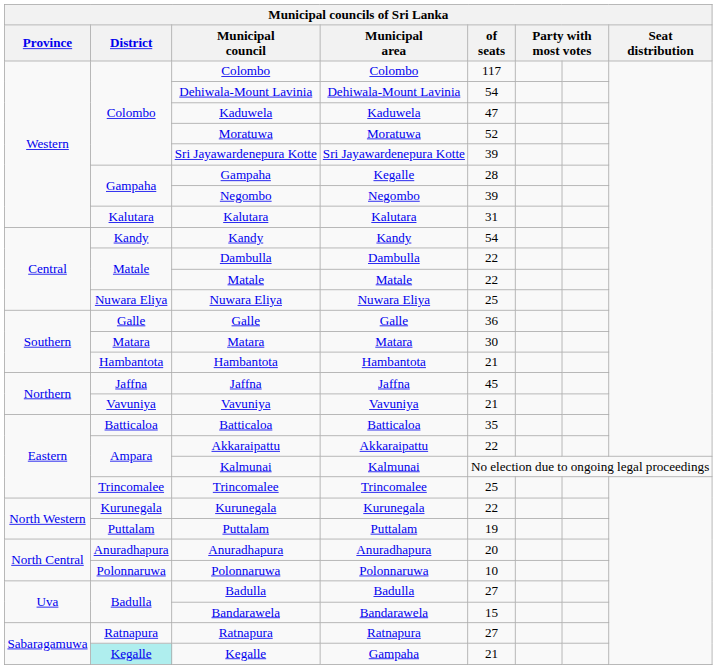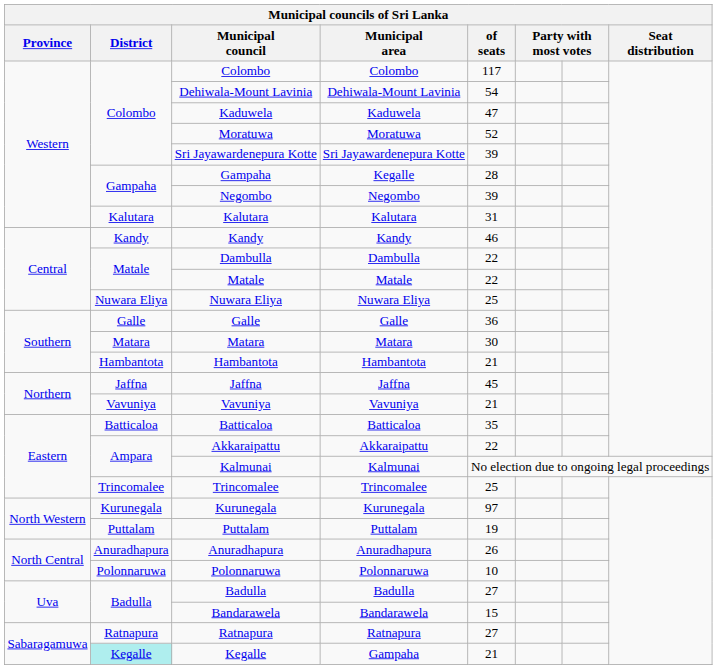 <table class="wikitable sortable sticky-header-multi mw-collapsible mw-collapsed" style="font-size:100%; text-align:center">
 <tr>
 <th colspan=8>Municipal councils of Sri Lanka</th>
 </tr>
 <tr>
 <th><a href='#'>Province</a></th>
 <th><a href='#'>District</a></th>
 <th>Municipal<br>council</th>
 <th>Municipal<br>area</th>
 <th> of<br>seats</th>
 <th colspan=2>Party with<br>most votes</th>
 <th class="unsortable">Seat<br>distribution</th>
 </tr>
 <tr>
 <td rowspan=8><a href='#'>Western</a></td>
 <td rowspan=5><a href='#'>Colombo</a></td>
 <td><a href='#'>Colombo</a></td>
 <td><a href='#'>Colombo</a></td>
 <td>117</td>
 <td></td>
 <td></td>
 </tr>
 <tr>
 <td><a href='#'>Dehiwala-Mount Lavinia</a></td>
 <td><a href='#'>Dehiwala-Mount Lavinia</a></td>
 <td>54</td>
 <td></td>
 <td></td>
 </tr>
 <tr>
 <td><a href='#'>Kaduwela</a></td>
 <td><a href='#'>Kaduwela</a></td>
 <td>47</td>
 <td></td>
 <td></td>
 </tr>
 <tr>
 <td><a href='#'>Moratuwa</a></td>
 <td><a href='#'>Moratuwa</a></td>
 <td>52</td>
 <td></td>
 <td></td>
 </tr>
 <tr>
 <td><a href='#'>Sri Jayawardenepura Kotte</a></td>
 <td><a href='#'>Sri Jayawardenepura Kotte</a></td>
 <td>39</td>
 <td></td>
 <td></td>
 </tr>
 <tr>
 <td rowspan=2><a href='#'>Gampaha</a></td>
 <td><a href='#'>Gampaha</a></td>
 <td><a href='#'>Kegalle</a></td>
 <td>28</td>
 <td></td>
 <td></td>
 </tr>
 <tr>
 <td><a href='#'>Negombo</a></td>
 <td><a href='#'>Negombo</a></td>
 <td>39</td>
 <td></td>
 <td></td>
 </tr>
 <tr>
 <td><a href='#'>Kalutara</a></td>
 <td><a href='#'>Kalutara</a></td>
 <td><a href='#'>Kalutara</a></td>
 <td>31</td>
 <td></td>
 <td></td>
 </tr>
 <tr>
 <td rowspan=4><a href='#'>Central</a></td>
 <td><a href='#'>Kandy</a></td>
 <td><a href='#'>Kandy</a></td>
 <td><a href='#'>Kandy</a></td>
-<td>54</td>
+<td>46</td>
 <td></td>
 <td></td>
 </tr>
 <tr>
 <td rowspan=2><a href='#'>Matale</a></td>
 <td><a href='#'>Dambulla</a></td>
 <td><a href='#'>Dambulla</a></td>
 <td>22</td>
 <td></td>
 <td></td>
 </tr>
 <tr>
 <td><a href='#'>Matale</a></td>
 <td><a href='#'>Matale</a></td>
 <td>22</td>
 <td></td>
 <td></td>
 </tr>
 <tr>
 <td><a href='#'>Nuwara Eliya</a></td>
 <td><a href='#'>Nuwara Eliya</a></td>
 <td><a href='#'>Nuwara Eliya</a></td>
 <td>25</td>
 <td></td>
 <td></td>
 </tr>
 <tr>
 <td rowspan=3><a href='#'>Southern</a></td>
 <td><a href='#'>Galle</a></td>
 <td><a href='#'>Galle</a></td>
 <td><a href='#'>Galle</a></td>
 <td>36</td>
 <td></td>
 <td></td>
 </tr>
 <tr>
 <td><a href='#'>Matara</a></td>
 <td><a href='#'>Matara</a></td>
 <td><a href='#'>Matara</a></td>
 <td>30</td>
 <td></td>
 <td></td>
 </tr>
 <tr>
 <td><a href='#'>Hambantota</a></td>
 <td><a href='#'>Hambantota</a></td>
 <td><a href='#'>Hambantota</a></td>
 <td>21</td>
 <td></td>
 <td></td>
 </tr>
 <tr>
 <td rowspan=2><a href='#'>Northern</a></td>
 <td><a href='#'>Jaffna</a></td>
 <td><a href='#'>Jaffna</a></td>
 <td><a href='#'>Jaffna</a></td>
 <td>45</td>
 <td></td>
 <td></td>
 </tr>
 <tr>
 <td><a href='#'>Vavuniya</a></td>
 <td><a href='#'>Vavuniya</a></td>
 <td><a href='#'>Vavuniya</a></td>
 <td>21</td>
 <td></td>
 <td></td>
 </tr>
 <tr>
 <td rowspan=4><a href='#'>Eastern</a></td>
 <td><a href='#'>Batticaloa</a></td>
 <td><a href='#'>Batticaloa</a></td>
 <td><a href='#'>Batticaloa</a></td>
 <td>35</td>
 <td></td>
 <td></td>
 </tr>
 <tr>
 <td rowspan=2><a href='#'>Ampara</a></td>
 <td><a href='#'>Akkaraipattu</a></td>
 <td><a href='#'>Akkaraipattu</a></td>
 <td>22</td>
 <td></td>
 <td></td>
 </tr>
 <tr>
 <td><a href='#'>Kalmunai</a></td>
 <td><a href='#'>Kalmunai</a></td>
 <td colspan=4>No election due to ongoing legal proceedings</td>
 </tr>
 <tr>
 <td><a href='#'>Trincomalee</a></td>
 <td><a href='#'>Trincomalee</a></td>
 <td><a href='#'>Trincomalee</a></td>
 <td>25</td>
 <td></td>
 <td></td>
 </tr>
 <tr>
 <td rowspan=2><a href='#'>North Western</a></td>
 <td><a href='#'>Kurunegala</a></td>
 <td><a href='#'>Kurunegala</a></td>
 <td><a href='#'>Kurunegala</a></td>
-<td>22</td>
+<td>97</td>
 <td></td>
 <td></td>
 </tr>
 <tr>
 <td><a href='#'>Puttalam</a></td>
 <td><a href='#'>Puttalam</a></td>
 <td><a href='#'>Puttalam</a></td>
 <td>19</td>
 <td></td>
 <td></td>
 </tr>
 <tr>
 <td rowspan=2><a href='#'>North Central</a></td>
 <td><a href='#'>Anuradhapura</a></td>
 <td><a href='#'>Anuradhapura</a></td>
 <td><a href='#'>Anuradhapura</a></td>
-<td>20</td>
+<td>26</td>
 <td></td>
 <td></td>
 </tr>
 <tr>
 <td><a href='#'>Polonnaruwa</a></td>
 <td><a href='#'>Polonnaruwa</a></td>
 <td><a href='#'>Polonnaruwa</a></td>
 <td>10</td>
 <td></td>
 <td></td>
 </tr>
 <tr>
 <td rowspan=2><a href='#'>Uva</a></td>
 <td rowspan=2><a href='#'>Badulla</a></td>
 <td><a href='#'>Badulla</a></td>
 <td><a href='#'>Badulla</a></td>
 <td>27</td>
 <td></td>
 <td></td>
 </tr>
 <tr>
 <td><a href='#'>Bandarawela</a></td>
 <td><a href='#'>Bandarawela</a></td>
 <td>15</td>
 <td></td>
 <td></td>
 </tr>
 <tr>
 <td rowspan=2><a href='#'>Sabaragamuwa</a></td>
 <td><a href='#'>Ratnapura</a></td>
 <td><a href='#'>Ratnapura</a></td>
 <td><a href='#'>Ratnapura</a></td>
 <td>27</td>
 <td></td>
 <td></td>
 </tr>
 <tr>
 <td style="background: paleturquoise;"><a href='#'>Kegalle</a></td>
 <td><a href='#'>Kegalle</a></td>
 <td><a href='#'>Gampaha</a></td>
 <td>21</td>
 <td></td>
 <td></td>
 </tr>
 </table>
